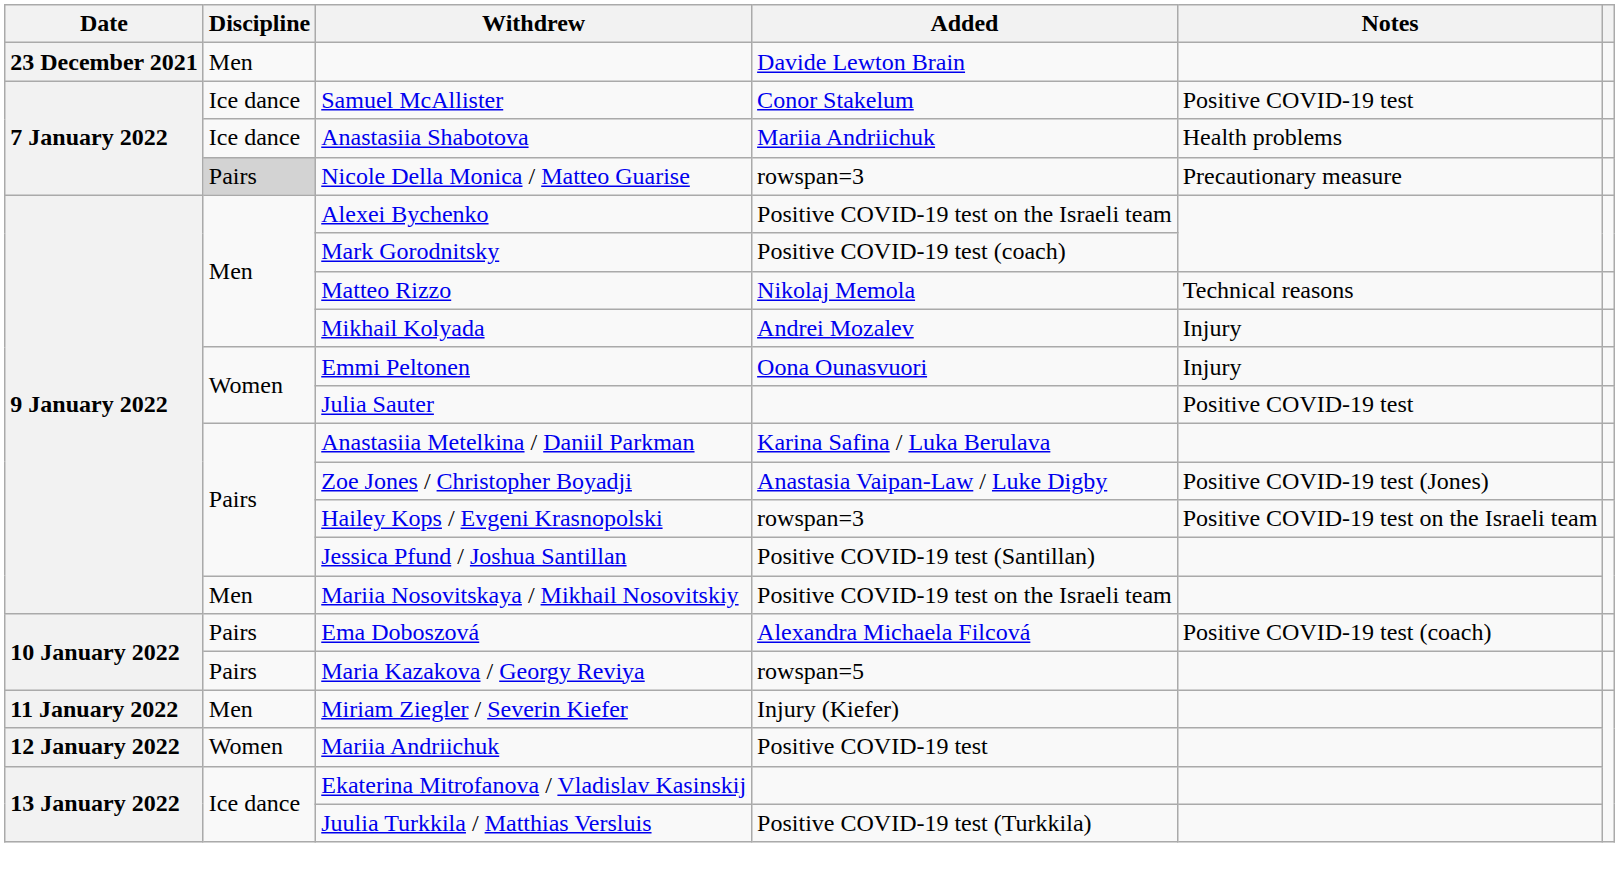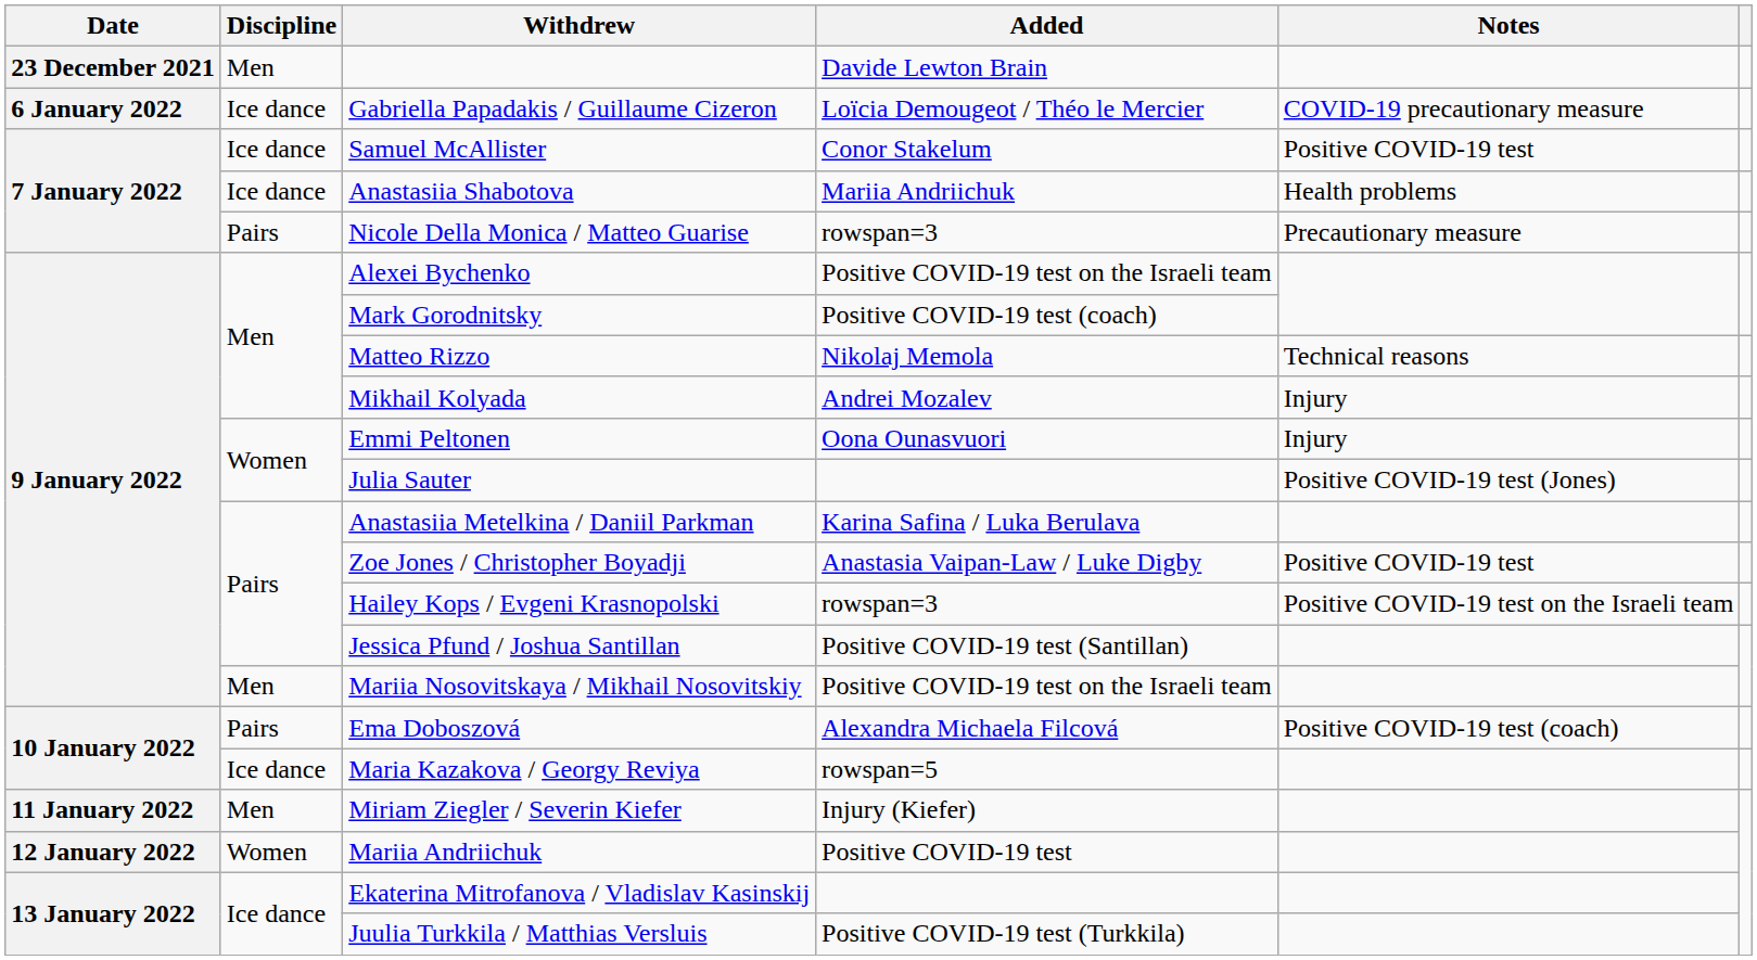 <table class="wikitable unsortable" style="text-align:left;">
 <tr>
 <th scope="col">Date</th>
 <th scope="col">Discipline</th>
 <th scope="col">Withdrew</th>
 <th scope="col">Added</th>
 <th scope="col">Notes</th>
 <th scope="col"></th>
 </tr>
 <tr>
 <th scope="row" style="text-align:left">23 December 2021</th>
 <td>Men</td>
 <td></td>
 <td> <a href='#'>Davide Lewton Brain</a></td>
 <td></td>
 <td></td>
 </tr>
 <tr>
+<th scope="row" style="text-align:left">6 January 2022</th>
+<td>Ice dance</td>
+<td> <a href='#'>Gabriella Papadakis</a> / <a href='#'>Guillaume Cizeron</a></td>
+<td> <a href='#'>Loïcia Demougeot</a> / <a href='#'>Théo le Mercier</a></td>
+<td><a href='#'>COVID-19</a> precautionary measure</td>
+<td></td>
+</tr>
+<tr>
 <th scope="row" style="text-align:left" rowspan=3>7 January 2022</th>
 <td>Ice dance</td>
 <td> <a href='#'>Samuel McAllister</a></td>
 <td> <a href='#'>Conor Stakelum</a></td>
 <td>Positive COVID-19 test</td>
 <td></td>
 </tr>
 <tr>
 <td>Ice dance</td>
 <td> <a href='#'>Anastasiia Shabotova</a></td>
 <td> <a href='#'>Mariia Andriichuk</a></td>
 <td>Health problems</td>
 <td></td>
 </tr>
 <tr>
-<td style="background: lightgrey;">Pairs</td>
+<td>Pairs</td>
 <td> <a href='#'>Nicole Della Monica</a> / <a href='#'>Matteo Guarise</a></td>
 <td>rowspan=3 </td>
 <td>Precautionary measure</td>
 <td></td>
 </tr>
 <tr>
 <th scope="row" style="text-align:left" rowspan=11>9 January 2022</th>
 <td rowspan=4>Men</td>
 <td> <a href='#'>Alexei Bychenko</a></td>
 <td>Positive COVID-19 test on the Israeli team</td>
 <td rowspan="2"></td>
 </tr>
 <tr>
 <td> <a href='#'>Mark Gorodnitsky</a></td>
 <td>Positive COVID-19 test (coach)</td>
 </tr>
 <tr>
 <td> <a href='#'>Matteo Rizzo</a></td>
 <td> <a href='#'>Nikolaj Memola</a></td>
 <td>Technical reasons</td>
 <td></td>
 </tr>
 <tr>
 <td> <a href='#'>Mikhail Kolyada</a></td>
 <td> <a href='#'>Andrei Mozalev</a></td>
 <td>Injury</td>
 <td></td>
 </tr>
 <tr>
 <td rowspan=2>Women</td>
 <td> <a href='#'>Emmi Peltonen</a></td>
 <td> <a href='#'>Oona Ounasvuori</a></td>
 <td>Injury</td>
 <td></td>
 </tr>
 <tr>
 <td> <a href='#'>Julia Sauter</a></td>
 <td></td>
-<td>Positive COVID-19 test</td>
+<td>Positive COVID-19 test (Jones)</td>
 <td></td>
 </tr>
 <tr>
 <td rowspan=4>Pairs</td>
 <td> <a href='#'>Anastasiia Metelkina</a> / <a href='#'>Daniil Parkman</a></td>
 <td> <a href='#'>Karina Safina</a> / <a href='#'>Luka Berulava</a></td>
 <td></td>
 <td></td>
 </tr>
 <tr>
 <td> <a href='#'>Zoe Jones</a> / <a href='#'>Christopher Boyadji</a></td>
 <td> <a href='#'>Anastasia Vaipan-Law</a> / <a href='#'>Luke Digby</a></td>
-<td>Positive COVID-19 test (Jones)</td>
+<td>Positive COVID-19 test</td>
 <td></td>
 </tr>
 <tr>
 <td> <a href='#'>Hailey Kops</a> / <a href='#'>Evgeni Krasnopolski</a></td>
 <td>rowspan=3 </td>
 <td>Positive COVID-19 test on the Israeli team</td>
 <td></td>
 </tr>
 <tr>
 <td> <a href='#'>Jessica Pfund</a> / <a href='#'>Joshua Santillan</a></td>
 <td>Positive COVID-19 test (Santillan)</td>
 <td></td>
 </tr>
 <tr>
 <td>Men</td>
 <td> <a href='#'>Mariia Nosovitskaya</a> / <a href='#'>Mikhail Nosovitskiy</a></td>
 <td>Positive COVID-19 test on the Israeli team</td>
 <td></td>
 </tr>
 <tr>
 <th scope="row" style="text-align:left" rowspan=2>10 January 2022</th>
 <td>Pairs</td>
 <td> <a href='#'>Ema Doboszová</a></td>
 <td> <a href='#'>Alexandra Michaela Filcová</a></td>
 <td>Positive COVID-19 test (coach)</td>
 <td></td>
 </tr>
 <tr>
-<td>Pairs</td>
+<td>Ice dance</td>
 <td> <a href='#'>Maria Kazakova</a> / <a href='#'>Georgy Reviya</a></td>
 <td>rowspan=5 </td>
 <td></td>
 <td></td>
 </tr>
 <tr>
 <th scope="row" style="text-align:left">11 January 2022</th>
 <td>Men</td>
 <td> <a href='#'>Miriam Ziegler</a> / <a href='#'>Severin Kiefer</a></td>
 <td>Injury (Kiefer)</td>
 <td></td>
 </tr>
 <tr>
 <th scope="row" style="text-align:left">12 January 2022</th>
 <td>Women</td>
 <td> <a href='#'>Mariia Andriichuk</a></td>
 <td>Positive COVID-19 test</td>
 <td></td>
 </tr>
 <tr>
 <th scope="row" style="text-align:left" rowspan=2>13 January 2022</th>
 <td rowspan=2>Ice dance</td>
 <td> <a href='#'>Ekaterina Mitrofanova</a> / <a href='#'>Vladislav Kasinskij</a></td>
 <td></td>
 <td></td>
 </tr>
 <tr>
 <td> <a href='#'>Juulia Turkkila</a> / <a href='#'>Matthias Versluis</a></td>
 <td>Positive COVID-19 test (Turkkila)</td>
 <td></td>
 </tr>
 </table>
